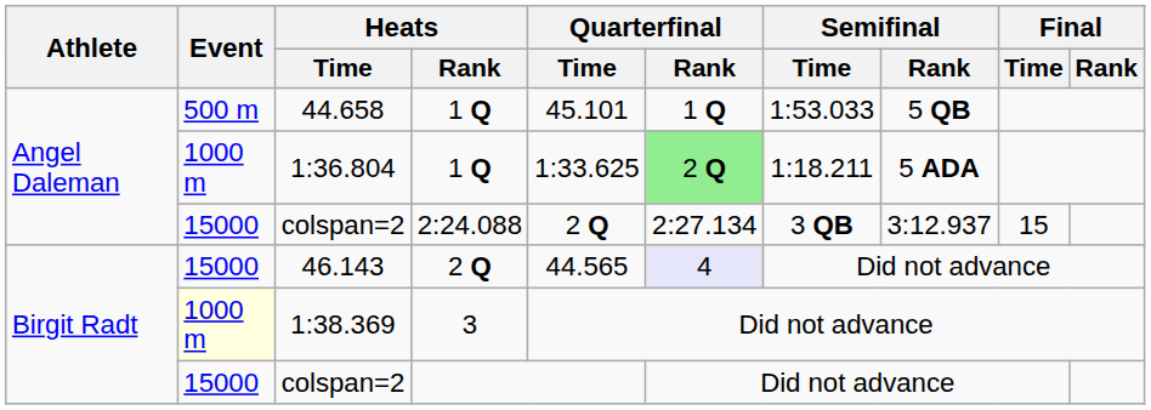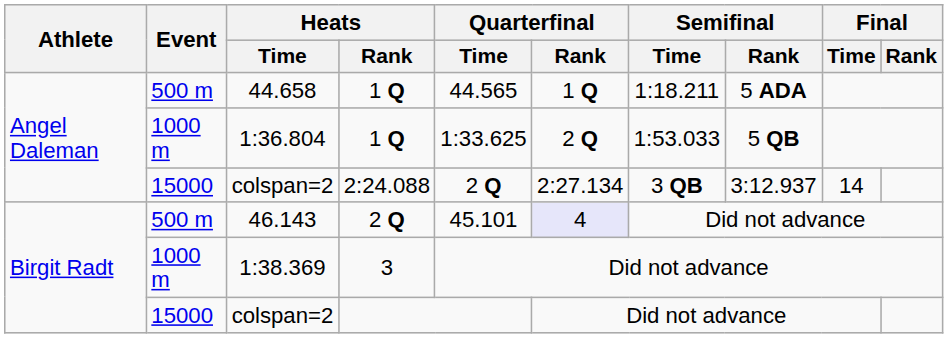 <table class="wikitable" style="font-size:90%">
 <tr>
 <th rowspan=2>Athlete</th>
 <th rowspan=2>Event</th>
 <th colspan=2>Heats</th>
 <th colspan=2>Quarterfinal</th>
 <th colspan=2>Semifinal</th>
 <th colspan=2>Final</th>
 </tr>
 <tr style="font-size:95%">
 <th>Time</th>
 <th>Rank</th>
 <th>Time</th>
 <th>Rank</th>
 <th>Time</th>
 <th>Rank</th>
 <th>Time</th>
 <th>Rank</th>
 </tr>
 <tr align=center>
 <td align=left rowspan=3><a href='#'>Angel Daleman</a></td>
 <td align=left><a href='#'>500 m</a></td>
 <td>44.658</td>
 <td>1 <strong>Q</strong></td>
-<td>45.101</td>
+<td>44.565</td>
 <td>1 <strong>Q</strong></td>
-<td>1:53.033</td>
-<td>5 <strong>QB</strong></td>
+<td>1:18.211</td>
+<td>5 <strong>ADA</strong></td>
 <td colspan=2></td>
 </tr>
 <tr align=center>
 <td align=left><a href='#'>1000 m</a></td>
 <td>1:36.804</td>
 <td>1 <strong>Q</strong></td>
 <td>1:33.625</td>
-<td style="background: lightgreen;">2 <strong>Q</strong></td>
-<td>1:18.211</td>
-<td>5 <strong>ADA</strong></td>
+<td>2 <strong>Q</strong></td>
+<td>1:53.033</td>
+<td>5 <strong>QB</strong></td>
 <td colspan=2></td>
 </tr>
 <tr align=center>
 <td align=left><a href='#'>15000</a></td>
 <td>colspan=2  </td>
 <td>2:24.088</td>
 <td>2 <strong>Q</strong></td>
 <td>2:27.134</td>
 <td>3 <strong>QB</strong></td>
 <td>3:12.937</td>
-<td>15</td>
+<td>14</td>
 </tr>
 <tr align=center>
 <td align=left rowspan=3><a href='#'>Birgit Radt</a></td>
-<td align=left><a href='#'>15000</a></td>
+<td align=left><a href='#'>500 m</a></td>
 <td>46.143</td>
 <td>2 <strong>Q</strong></td>
-<td>44.565</td>
+<td>45.101</td>
 <td style="background: lavender;">4</td>
 <td colspan=6>Did not advance</td>
 </tr>
 <tr align=center>
-<td align=left style="background: lightyellow;"><a href='#'>1000 m</a></td>
+<td align=left><a href='#'>1000 m</a></td>
 <td>1:38.369</td>
 <td>3</td>
 <td colspan=6>Did not advance</td>
 </tr>
 <tr align=center>
 <td align=left><a href='#'>15000</a></td>
 <td>colspan=2  </td>
 <td colspan=2></td>
 <td colspan=4>Did not advance</td>
 </tr>
 </table>
